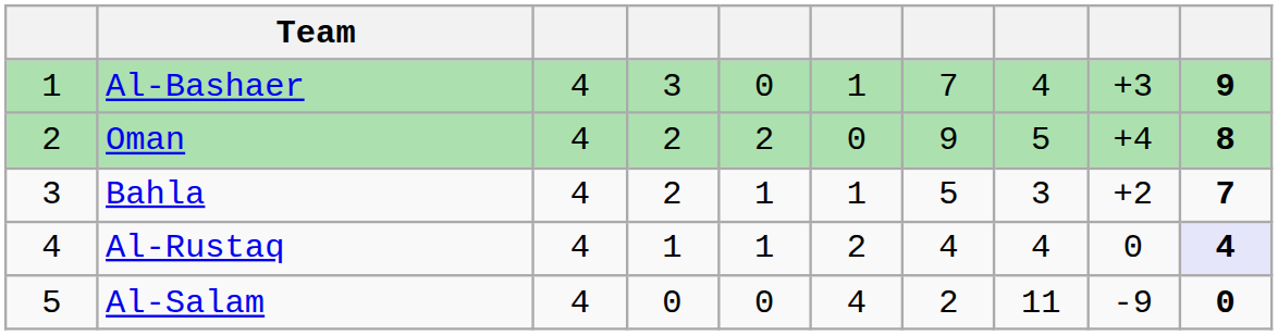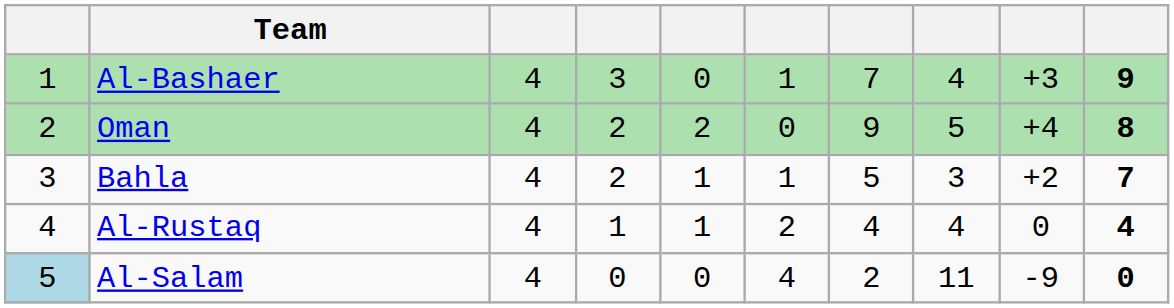 <table class="wikitable" style="text-align: center;">
 <tr>
 <th width=30></th>
 <th width=165>Team</th>
 <th width=30></th>
 <th width=30></th>
 <th width=30></th>
 <th width=30></th>
 <th width=30></th>
 <th width=30></th>
 <th width=30></th>
 <th width=30></th>
 </tr>
 <tr bgcolor=#ACE1AF>
 <td>1</td>
 <td align=left><a href='#'>Al-Bashaer</a></td>
 <td>4</td>
 <td>3</td>
 <td>0</td>
 <td>1</td>
 <td>7</td>
 <td>4</td>
 <td>+3</td>
 <td><strong>9</strong></td>
 </tr>
 <tr bgcolor=#ACE1AF>
 <td>2</td>
 <td align=left><a href='#'>Oman</a></td>
 <td>4</td>
 <td>2</td>
 <td>2</td>
 <td>0</td>
 <td>9</td>
 <td>5</td>
 <td>+4</td>
 <td><strong>8</strong></td>
 </tr>
 <tr>
 <td>3</td>
 <td align=left><a href='#'>Bahla</a></td>
 <td>4</td>
 <td>2</td>
 <td>1</td>
 <td>1</td>
 <td>5</td>
 <td>3</td>
 <td>+2</td>
 <td><strong>7</strong></td>
 </tr>
 <tr>
 <td>4</td>
 <td align=left><a href='#'>Al-Rustaq</a></td>
 <td>4</td>
 <td>1</td>
 <td>1</td>
 <td>2</td>
 <td>4</td>
 <td>4</td>
 <td>0</td>
-<td style="background: lavender;"><strong>4</strong></td>
+<td><strong>4</strong></td>
 </tr>
 <tr>
-<td>5</td>
+<td style="background: lightblue;">5</td>
 <td align=left><a href='#'>Al-Salam</a></td>
 <td>4</td>
 <td>0</td>
 <td>0</td>
 <td>4</td>
 <td>2</td>
 <td>11</td>
 <td>-9</td>
 <td><strong>0</strong></td>
 </tr>
 </table>
